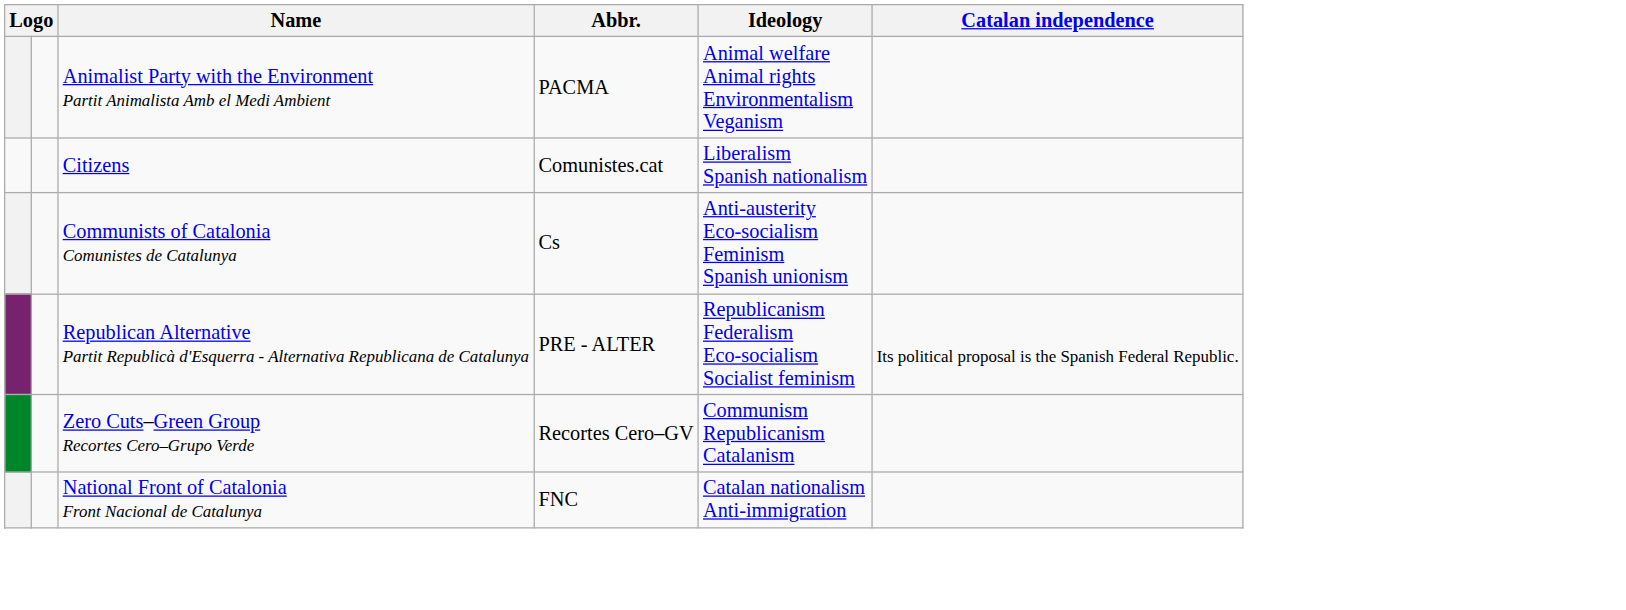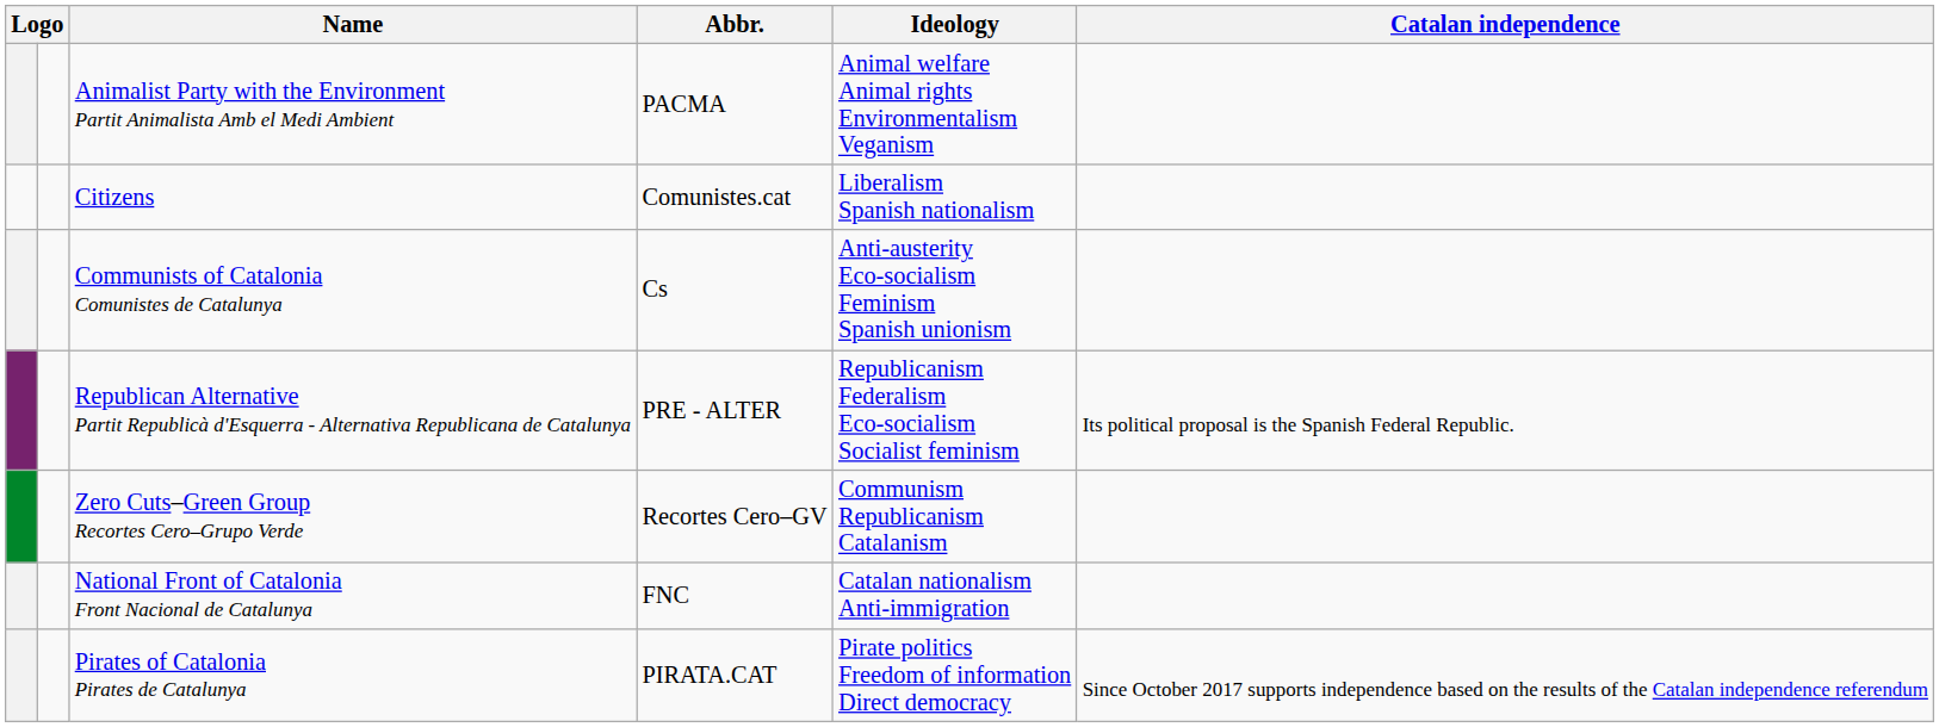 <table class="wikitable">
 <tr>
 <th colspan="2">Logo</th>
 <th>Name</th>
 <th>Abbr.</th>
 <th>Ideology</th>
 <th><a href='#'>Catalan independence</a></th>
 </tr>
 <tr>
 <th style="background-color: "></th>
 <td align="center"></td>
 <td><a href='#'>Animalist Party with the Environment</a><br><small><em>Partit Animalista Amb el Medi Ambient</em></small></td>
 <td>PACMA</td>
 <td><a href='#'>Animal welfare</a><br><a href='#'>Animal rights</a><br><a href='#'>Environmentalism</a><br><a href='#'>Veganism</a></td>
 <td></td>
 </tr>
 <tr>
 <td></td>
 <td align="center"></td>
 <td><a href='#'>Citizens</a><br></td>
 <td>Comunistes.cat</td>
 <td><a href='#'>Liberalism</a><br><a href='#'>Spanish nationalism</a></td>
 <td></td>
 </tr>
 <tr>
 <th style="background-color: "></th>
 <td align="center"></td>
 <td><a href='#'>Communists of Catalonia</a><br><small><em>Comunistes de Catalunya</em></small></td>
 <td>Cs</td>
 <td><a href='#'>Anti-austerity</a><br><a href='#'>Eco-socialism</a><br><a href='#'>Feminism</a><br><a href='#'>Spanish unionism</a></td>
 <td></td>
 </tr>
 <tr>
 <th style="background-color: #76226d"></th>
 <td align="center"></td>
 <td><a href='#'>Republican Alternative</a><br><small><em>Partit Republicà d'Esquerra - Alternativa Republicana de Catalunya</em></small></td>
 <td>PRE - ALTER</td>
 <td><a href='#'>Republicanism</a><br><a href='#'>Federalism</a><br><a href='#'>Eco-socialism</a><br><a href='#'>Socialist feminism</a></td>
 <td><br><small>Its political proposal is the Spanish Federal Republic.</small></td>
 </tr>
 <tr>
 <th style="background-color: #00862a"></th>
 <td align="center"></td>
 <td><a href='#'>Zero Cuts</a>–<a href='#'>Green Group</a><br><small><em>Recortes Cero–Grupo Verde</em></small></td>
 <td>Recortes Cero–GV</td>
 <td><a href='#'>Communism</a><br><a href='#'>Republicanism</a><br><a href='#'>Catalanism</a></td>
 <td></td>
 </tr>
 <tr>
 <th style="background-color: "></th>
 <td align="center"></td>
 <td><a href='#'>National Front of Catalonia</a><br><small><em>Front Nacional de Catalunya</em></small></td>
 <td>FNC</td>
 <td><a href='#'>Catalan nationalism</a><br><a href='#'>Anti-immigration</a></td>
 <td></td>
 </tr>
+<tr>
+<th style="background-color: "></th>
+<td align="center"></td>
+<td><a href='#'>Pirates of Catalonia</a><br><small><em>Pirates de Catalunya</em></small></td>
+<td>PIRATA.CAT</td>
+<td><a href='#'>Pirate politics</a><br><a href='#'>Freedom of information</a><br><a href='#'>Direct democracy</a></td>
+<td><br><small>Since October 2017 supports independence based on the results of the <a href='#'>Catalan independence referendum</a></small></td>
+</tr>
 </table>
